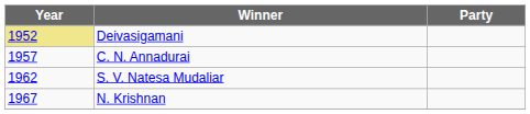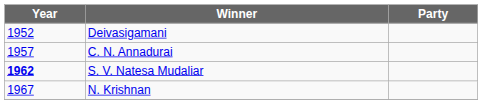 <table class="wikitable" width="50%">
 <tr>
 <th style="background-color:#666666; color:white">Year</th>
 <th style="background-color:#666666; color:white">Winner</th>
 <th style="background-color:#666666; color:white" colspan="2">Party</th>
 </tr>
 <tr>
-<td style="background: khaki;"><a href='#'>1952</a></td>
+<td><a href='#'>1952</a></td>
 <td><a href='#'>Deivasigamani</a></td>
 <td></td>
 </tr>
 <tr>
 <td><a href='#'>1957</a></td>
 <td><a href='#'>C. N. Annadurai</a></td>
 <td></td>
 </tr>
 <tr>
-<td><a href='#'>1962</a></td>
+<td><strong><a href='#'>1962</a></strong></td>
 <td><a href='#'>S. V. Natesa Mudaliar</a></td>
 <td></td>
 </tr>
 <tr>
 <td><a href='#'>1967</a></td>
 <td><a href='#'>N. Krishnan</a></td>
 <td></td>
 </tr>
 <tr>
 </tr>
 </table>
